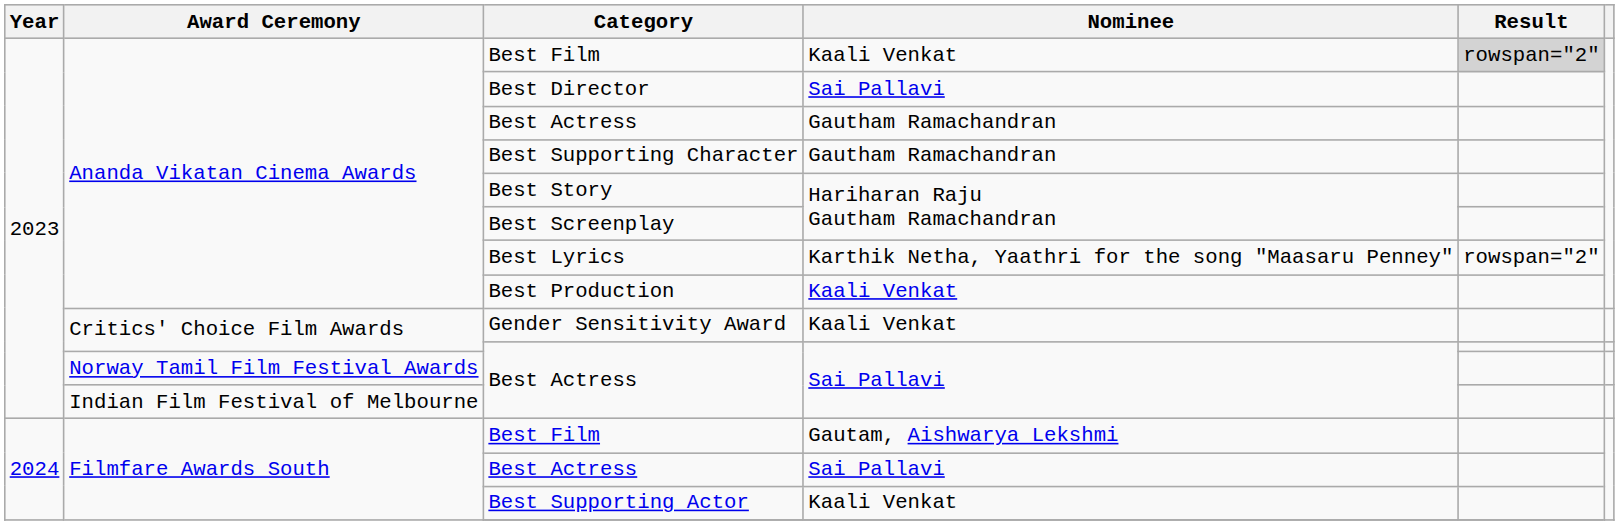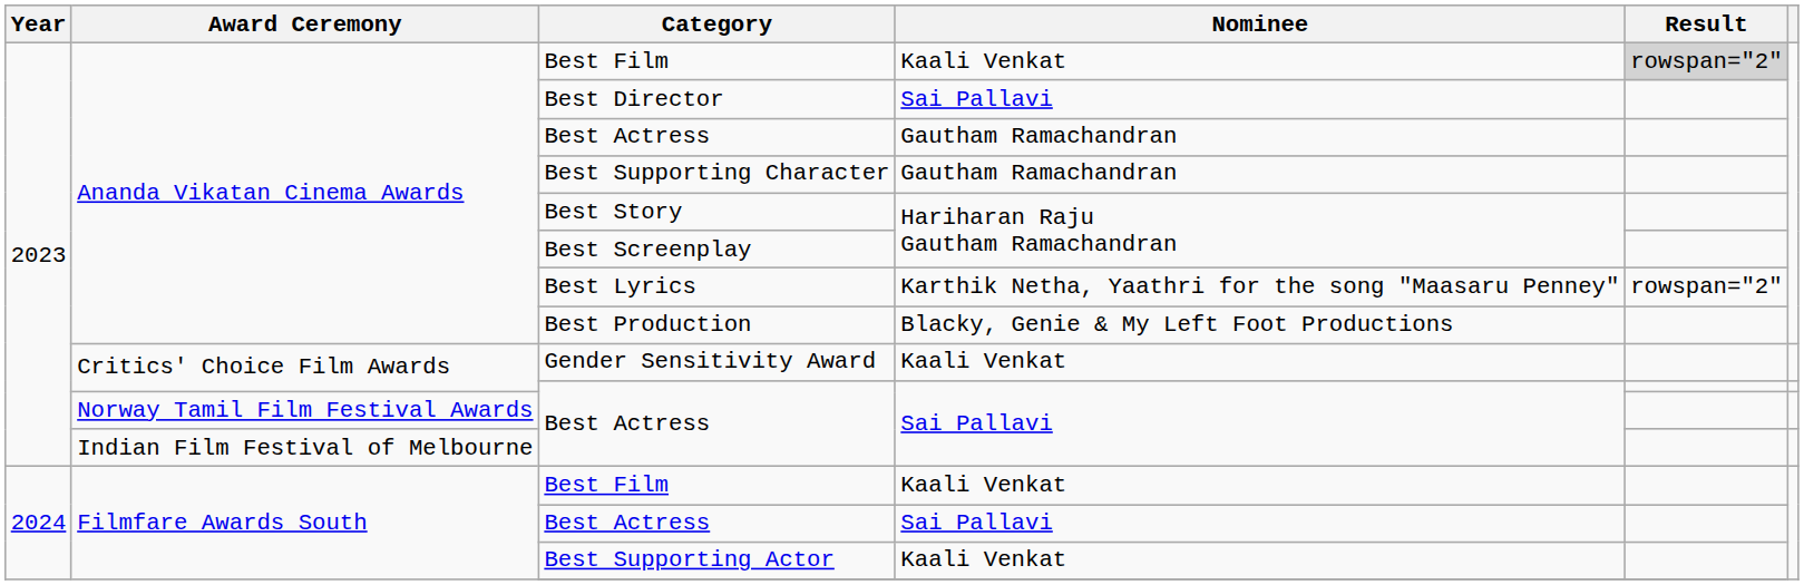 <table class="wikitable">
 <tr>
 <th scope="col">Year</th>
 <th scope="col">Award Ceremony</th>
 <th scope="col">Category</th>
 <th scope="col">Nominee</th>
 <th scope="col">Result</th>
 <th class="unsortable" scope="col"></th>
 </tr>
 <tr>
 <td rowspan="12">2023</td>
 <td rowspan="8"><a href='#'>Ananda Vikatan Cinema Awards</a></td>
 <td>Best Film</td>
 <td>Kaali Venkat</td>
 <td style="background: lightgrey;">rowspan="2" </td>
 <td rowspan="8"></td>
 </tr>
 <tr>
 <td>Best Director</td>
 <td><a href='#'>Sai Pallavi</a></td>
 </tr>
 <tr>
 <td>Best Actress</td>
 <td>Gautham Ramachandran</td>
 <td></td>
 </tr>
 <tr>
 <td>Best Supporting Character</td>
 <td>Gautham Ramachandran</td>
 <td></td>
 </tr>
 <tr>
 <td>Best Story</td>
 <td rowspan="2">Hariharan Raju<br>Gautham Ramachandran</td>
 <td></td>
 </tr>
 <tr>
 <td>Best Screenplay</td>
 <td></td>
 </tr>
 <tr>
 <td>Best Lyrics</td>
 <td>Karthik Netha, Yaathri for the song "Maasaru Penney"</td>
 <td>rowspan="2" </td>
 </tr>
 <tr>
 <td>Best Production</td>
-<td><a href='#'>Kaali Venkat</a></td>
+<td>Blacky, Genie & My Left Foot Productions</td>
 </tr>
 <tr>
 <td rowspan="2">Critics' Choice Film Awards</td>
 <td>Gender Sensitivity Award</td>
 <td>Kaali Venkat</td>
 <td></td>
 <td></td>
 </tr>
 <tr>
 <td rowspan="3">Best Actress</td>
 <td rowspan="3"><a href='#'>Sai Pallavi</a></td>
 <td></td>
 <td></td>
 </tr>
 <tr>
 <td><a href='#'>Norway Tamil Film Festival Awards</a></td>
 <td></td>
 <td></td>
 </tr>
 <tr>
 <td>Indian Film Festival of Melbourne</td>
 <td></td>
 <td></td>
 </tr>
 <tr>
 <td rowspan="5"><a href='#'>2024</a></td>
 <td rowspan="5"><a href='#'>Filmfare Awards South</a></td>
 <td><a href='#'>Best Film</a></td>
-<td>Gautam, <a href='#'>Aishwarya Lekshmi</a></td>
+<td>Kaali Venkat</td>
 <td></td>
 <td rowspan="5"></td>
 </tr>
 <tr>
 <td><a href='#'>Best Actress</a></td>
 <td><a href='#'>Sai Pallavi</a></td>
 <td></td>
 </tr>
 <tr>
 <td><a href='#'>Best Supporting Actor</a></td>
 <td>Kaali Venkat</td>
 <td></td>
 </tr>
 <tr>
 </tr>
 </table>
